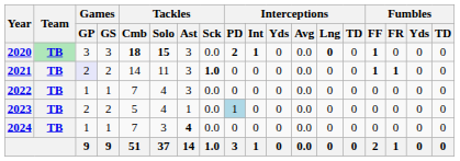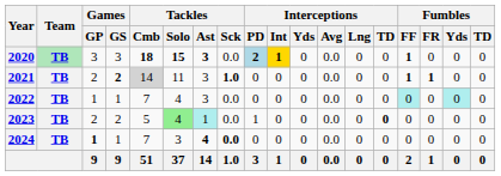 <table class="wikitable" style="text-align: center;">
 <tr>
 <th rowspan="2">Year</th>
 <th rowspan="2">Team</th>
 <th colspan="2">Games</th>
 <th colspan="4">Tackles</th>
 <th colspan="6">Interceptions</th>
 <th colspan="4">Fumbles</th>
 </tr>
 <tr>
 <th>GP</th>
 <th>GS</th>
 <th>Cmb</th>
 <th>Solo</th>
 <th>Ast</th>
 <th>Sck</th>
 <th>PD</th>
 <th>Int</th>
 <th>Yds</th>
 <th>Avg</th>
 <th>Lng</th>
 <th>TD</th>
 <th>FF</th>
 <th>FR</th>
 <th>Yds</th>
 <th>TD</th>
 </tr>
 <tr>
 <th><a href='#'>2020</a></th>
 <th style="background:#afe6ba; width:3em;"><a href='#'>TB</a></th>
 <td>3</td>
 <td>3</td>
 <td><strong>18</strong></td>
 <td><strong>15</strong></td>
-<td>3</td>
+<td><strong>3</strong></td>
 <td>0.0</td>
-<td><strong>2</strong></td>
-<td><strong>1</strong></td>
+<td style="background: lightblue;"><strong>2</strong></td>
+<td style="background: gold;"><strong>1</strong></td>
 <td>0</td>
 <td>0.0</td>
-<td><strong>0</strong></td>
+<td>0</td>
 <td>0</td>
 <td><strong>1</strong></td>
 <td>0</td>
 <td>0</td>
 <td>0</td>
 </tr>
 <tr>
 <th><a href='#'>2021</a></th>
 <th><a href='#'>TB</a></th>
-<td style="background: lavender;">2</td>
 <td>2</td>
-<td>14</td>
+<td><strong>2</strong></td>
+<td style="background: lightgrey;">14</td>
 <td>11</td>
 <td>3</td>
 <td><strong>1.0</strong></td>
 <td>0</td>
 <td>0</td>
 <td>0</td>
 <td>0.0</td>
 <td>0</td>
 <td>0</td>
 <td><strong>1</strong></td>
 <td><strong>1</strong></td>
 <td>0</td>
 <td>0</td>
 </tr>
 <tr>
 <th><a href='#'>2022</a></th>
 <th><a href='#'>TB</a></th>
 <td>1</td>
 <td>1</td>
 <td>7</td>
 <td>4</td>
 <td>3</td>
 <td>0.0</td>
 <td>0</td>
 <td>0</td>
 <td>0</td>
 <td>0.0</td>
 <td>0</td>
 <td>0</td>
+<td style="background: paleturquoise;">0</td>
 <td>0</td>
-<td>0</td>
-<td>0</td>
+<td style="background: paleturquoise;">0</td>
 <td>0</td>
 </tr>
 <tr>
 <th><a href='#'>2023</a></th>
 <th><a href='#'>TB</a></th>
 <td>2</td>
 <td>2</td>
 <td>5</td>
-<td>4</td>
+<td style="background: lightgreen;">4</td>
+<td style="background: paleturquoise;">1</td>
+<td>0.0</td>
 <td>1</td>
-<td>0.0</td>
-<td style="background: lightblue;">1</td>
 <td>0</td>
 <td>0</td>
 <td>0.0</td>
 <td>0</td>
-<td>0</td>
+<td><strong>0</strong></td>
 <td>0</td>
 <td>0</td>
 <td>0</td>
 <td>0</td>
 </tr>
 <tr>
 <th><a href='#'>2024</a></th>
 <th><a href='#'>TB</a></th>
-<td>1</td>
+<td><strong>1</strong></td>
 <td>1</td>
 <td>7</td>
 <td>3</td>
 <td><strong>4</strong></td>
-<td>0.0</td>
+<td><strong>0.0</strong></td>
 <td>0</td>
 <td>0</td>
 <td>0</td>
 <td>0.0</td>
 <td>0</td>
 <td>0</td>
 <td>0</td>
 <td>0</td>
 <td>0</td>
 <td>0</td>
 </tr>
 <tr>
 <th colspan="2"></th>
 <th>9</th>
 <th>9</th>
 <th>51</th>
 <th>37</th>
 <th>14</th>
 <th>1.0</th>
 <th>3</th>
 <th>1</th>
 <th>0</th>
 <th>0.0</th>
 <th>0</th>
 <th>0</th>
 <th>2</th>
 <th>1</th>
 <th>0</th>
 <th>0</th>
 </tr>
 </table>
